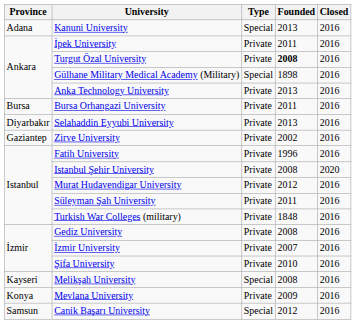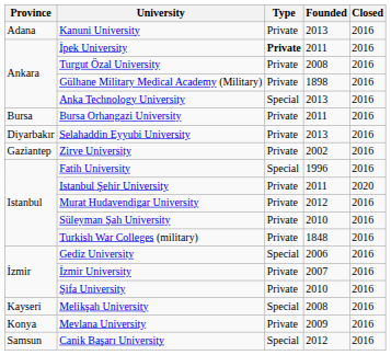 <table class="wikitable sortable">
 <tr>
 <th>Province</th>
 <th>University</th>
 <th>Type</th>
 <th>Founded</th>
 <th>Closed</th>
 </tr>
 <tr>
 <td>Adana</td>
 <td><a href='#'>Kanuni University</a></td>
-<td>Special</td>
+<td>Private</td>
 <td>2013</td>
 <td>2016</td>
 </tr>
 <tr>
 <td rowspan="4">Ankara</td>
 <td><a href='#'>İpek University</a></td>
-<td>Private</td>
+<td><strong>Private</strong></td>
 <td>2011</td>
 <td>2016</td>
 </tr>
 <tr>
 <td><a href='#'>Turgut Özal University</a></td>
 <td>Private</td>
-<td><strong>2008</strong></td>
+<td>2008</td>
 <td>2016</td>
 </tr>
 <tr>
 <td><a href='#'>Gülhane Military Medical Academy</a> (Military)</td>
-<td>Special</td>
+<td>Private</td>
 <td>1898</td>
 <td>2016</td>
 </tr>
 <tr>
 <td><a href='#'>Anka Technology University</a></td>
-<td>Private</td>
+<td>Special</td>
 <td>2013</td>
 <td>2016</td>
 </tr>
 <tr>
 <td>Bursa</td>
 <td><a href='#'>Bursa Orhangazi University</a></td>
 <td>Private</td>
 <td>2011</td>
 <td>2016</td>
 </tr>
 <tr>
 <td>Diyarbakır</td>
 <td><a href='#'>Selahaddin Eyyubi University</a></td>
 <td>Private</td>
 <td>2013</td>
 <td>2016</td>
 </tr>
 <tr>
 <td>Gaziantep</td>
 <td><a href='#'>Zirve University</a></td>
 <td>Private</td>
 <td>2002</td>
 <td>2016</td>
 </tr>
 <tr>
 <td rowspan="5">Istanbul</td>
 <td><a href='#'>Fatih University</a></td>
-<td>Private</td>
+<td>Special</td>
 <td>1996</td>
 <td>2016</td>
 </tr>
 <tr>
 <td><a href='#'>Istanbul Şehir University</a></td>
 <td>Private</td>
-<td>2008</td>
+<td>2011</td>
 <td>2020</td>
 </tr>
 <tr>
 <td><a href='#'>Murat Hudavendigar University</a></td>
 <td>Private</td>
 <td>2012</td>
 <td>2016</td>
 </tr>
 <tr>
 <td><a href='#'>Süleyman Şah University</a></td>
 <td>Private</td>
-<td>2011</td>
+<td>2010</td>
 <td>2016</td>
 </tr>
 <tr>
 <td><a href='#'>Turkish War Colleges</a> (military)</td>
 <td>Private</td>
 <td>1848</td>
 <td>2016</td>
 </tr>
 <tr>
 <td rowspan="3">İzmir</td>
 <td><a href='#'>Gediz University</a></td>
-<td>Private</td>
-<td>2008</td>
+<td>Special</td>
+<td>2006</td>
 <td>2016</td>
 </tr>
 <tr>
 <td><a href='#'>İzmir University</a></td>
 <td>Private</td>
 <td>2007</td>
 <td>2016</td>
 </tr>
 <tr>
 <td><a href='#'>Şifa University</a></td>
 <td>Private</td>
 <td>2010</td>
 <td>2016</td>
 </tr>
 <tr>
 <td>Kayseri</td>
 <td><a href='#'>Melikşah University</a></td>
 <td>Special</td>
 <td>2008</td>
 <td>2016</td>
 </tr>
 <tr>
 <td>Konya</td>
 <td><a href='#'>Mevlana University</a></td>
 <td>Private</td>
 <td>2009</td>
 <td>2016</td>
 </tr>
 <tr>
 <td>Samsun</td>
 <td><a href='#'>Canik Başarı University</a></td>
 <td>Special</td>
 <td>2012</td>
 <td>2016</td>
 </tr>
 </table>
